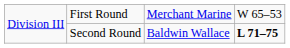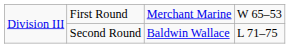 <table class="wikitable">
 <tr>
 <td rowspan="5"><a href='#'>Division III</a></td>
 <td>First Round</td>
 <td><a href='#'>Merchant Marine</a></td>
 <td>W 65–53</td>
 </tr>
 <tr>
 <td>Second Round</td>
 <td><a href='#'>Baldwin Wallace</a></td>
-<td><strong>L 71–75</strong></td>
+<td>L 71–75</td>
 </tr>
 </table>
